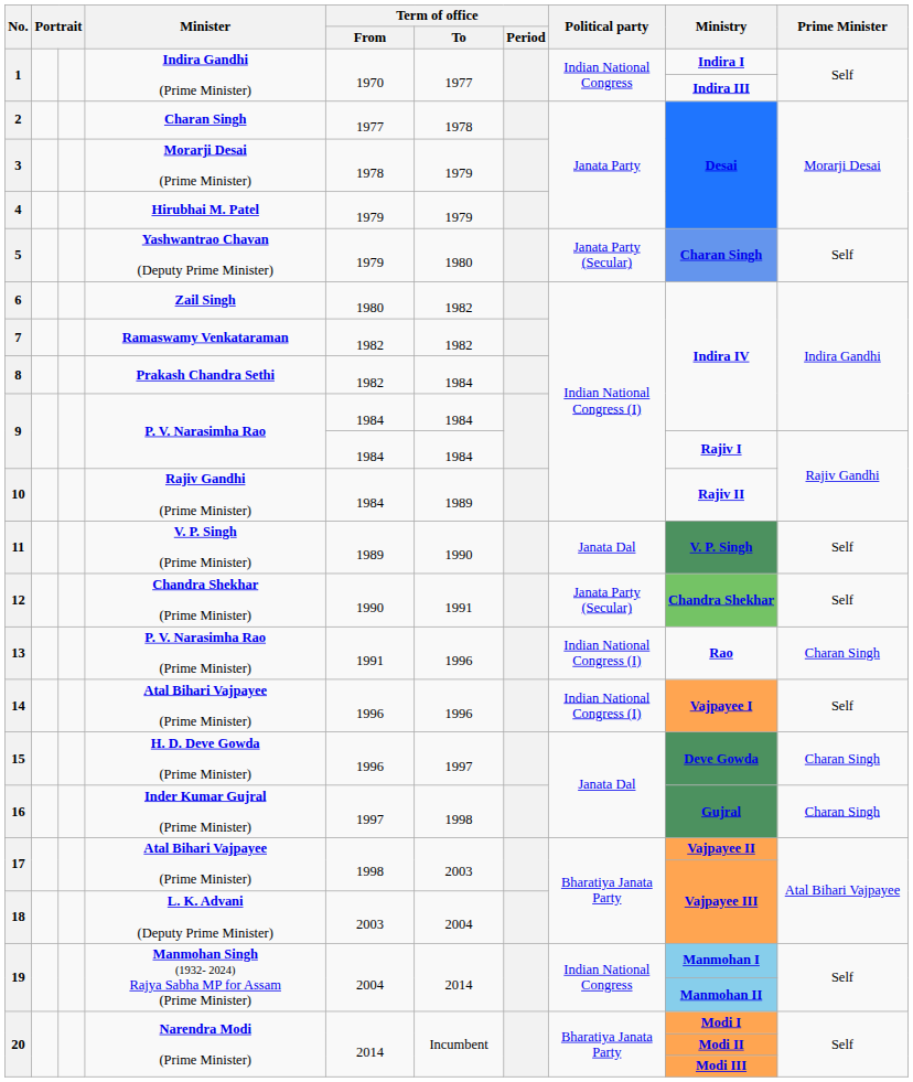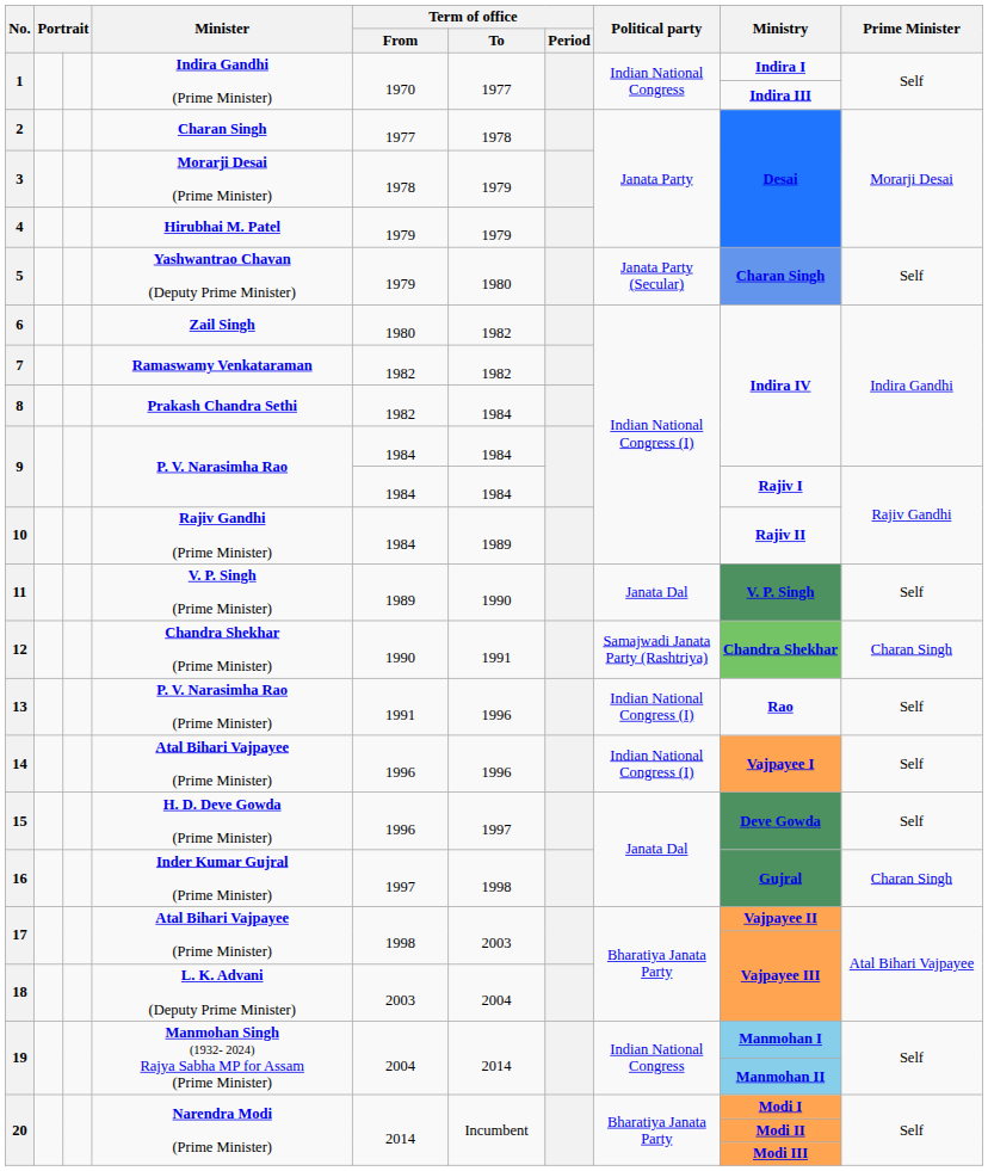 <table class="wikitable" style="text-align:center">
 <tr>
 <th rowspan="2">No.</th>
 <th rowspan="2" colspan="2">Portrait</th>
 <th rowspan="2" style="width:17em">Minister<br></th>
 <th colspan="3">Term of office</th>
 <th rowspan="2" style="width:8em">Political party</th>
 <th rowspan="2">Ministry</th>
 <th rowspan="2" style="width:9em">Prime Minister</th>
 </tr>
 <tr>
 <th style="width:6em">From</th>
 <th style="width:6em">To</th>
 <th>Period</th>
 </tr>
 <tr>
 <th rowspan="2">1</th>
 <td rowspan="2"></td>
 <td rowspan="2"></td>
 <td rowspan="2"><strong><a href='#'>Indira Gandhi</a></strong><br><br>(Prime Minister)</td>
 <td rowspan="2"><br>1970</td>
 <td rowspan="2"><br>1977</td>
 <th rowspan="2"></th>
 <td rowspan="2"><a href='#'>Indian National Congress</a></td>
 <td><strong><a href='#'>Indira I</a></strong></td>
 <td rowspan="2">Self</td>
 </tr>
 <tr>
 <td><strong><a href='#'>Indira III</a></strong></td>
 </tr>
 <tr>
 <th>2</th>
 <td></td>
 <td></td>
 <td><strong><a href='#'>Charan Singh</a></strong><br></td>
 <td><br>1977</td>
 <td><br>1978</td>
 <th></th>
 <td rowspan="3"><a href='#'>Janata Party</a></td>
 <td rowspan="3" bgcolor="#1F75FE"><strong><a href='#'>Desai</a></strong></td>
 <td rowspan="3"><a href='#'>Morarji Desai</a></td>
 </tr>
 <tr>
 <th>3</th>
 <td></td>
 <td></td>
 <td><strong><a href='#'>Morarji Desai</a></strong><br><br>(Prime Minister)</td>
 <td><br>1978</td>
 <td><br>1979</td>
 <th></th>
 </tr>
 <tr>
 <th>4</th>
 <td></td>
 <td></td>
 <td><strong><a href='#'>Hirubhai M. Patel</a></strong><br></td>
 <td><br>1979</td>
 <td><br>1979</td>
 <th></th>
 </tr>
 <tr>
 <th>5</th>
 <td></td>
 <td></td>
 <td><strong><a href='#'>Yashwantrao Chavan</a></strong><br><br>(Deputy Prime Minister)</td>
 <td><br>1979</td>
 <td><br>1980</td>
 <th></th>
 <td><a href='#'>Janata Party (Secular)</a></td>
 <td bgcolor="#6495ED"><strong><a href='#'>Charan Singh</a></strong></td>
 <td>Self</td>
 </tr>
 <tr>
 <th>6</th>
 <td></td>
 <td></td>
 <td><strong><a href='#'>Zail Singh</a></strong><br></td>
 <td><br>1980</td>
 <td><br>1982</td>
 <th></th>
 <td rowspan="6"><a href='#'>Indian National Congress (I)</a></td>
 <td rowspan="4"><strong><a href='#'>Indira IV</a></strong></td>
 <td rowspan="4"><a href='#'>Indira Gandhi</a></td>
 </tr>
 <tr>
 <th>7</th>
 <td></td>
 <td></td>
 <td><strong><a href='#'>Ramaswamy Venkataraman</a></strong><br></td>
 <td><br>1982</td>
 <td><br>1982</td>
 <th></th>
 </tr>
 <tr>
 <th>8</th>
 <td></td>
 <td></td>
 <td><strong><a href='#'>Prakash Chandra Sethi</a></strong><br></td>
 <td><br>1982</td>
 <td><br>1984</td>
 <th></th>
 </tr>
 <tr>
 <th rowspan="2">9</th>
 <td rowspan="2"></td>
 <td rowspan="2"></td>
 <td rowspan="2"><strong><a href='#'>P. V. Narasimha Rao</a></strong><br></td>
 <td><br>1984</td>
 <td><br>1984</td>
 <th rowspan="2"></th>
 </tr>
 <tr>
 <td><br>1984</td>
 <td><br>1984</td>
 <td><strong><a href='#'>Rajiv I</a></strong></td>
 <td rowspan="2"><a href='#'>Rajiv Gandhi</a></td>
 </tr>
 <tr>
 <th>10</th>
 <td></td>
 <td></td>
 <td><strong><a href='#'>Rajiv Gandhi</a></strong><br><br>(Prime Minister)</td>
 <td><br>1984</td>
 <td><br>1989</td>
 <th></th>
 <td><strong><a href='#'>Rajiv II</a></strong></td>
 </tr>
 <tr>
 <th>11</th>
 <td></td>
 <td></td>
 <td><strong><a href='#'>V. P. Singh</a></strong><br><br>(Prime Minister)</td>
 <td><br>1989</td>
 <td><br>1990</td>
 <th></th>
 <td><a href='#'>Janata Dal</a></td>
 <td style="background:#4C915F"><strong><a href='#'>V. P. Singh</a></strong></td>
 <td>Self</td>
 </tr>
 <tr>
 <th>12</th>
 <td></td>
 <td></td>
 <td><strong><a href='#'>Chandra Shekhar</a></strong><br><br>(Prime Minister)</td>
 <td><br>1990</td>
 <td><br>1991</td>
 <th></th>
-<td><a href='#'>Janata Party (Secular)</a></td>
+<td><a href='#'>Samajwadi Janata Party (Rashtriya)</a></td>
 <td style="background:#74C365"><strong><a href='#'>Chandra Shekhar</a></strong></td>
-<td>Self</td>
+<td><a href='#'>Charan Singh</a></td>
 </tr>
 <tr>
 <th>13</th>
 <td></td>
 <td></td>
 <td><strong><a href='#'>P. V. Narasimha Rao</a></strong><br><br>(Prime Minister)</td>
 <td><br>1991</td>
 <td><br>1996</td>
 <th></th>
 <td><a href='#'>Indian National Congress (I)</a></td>
 <td><a href='#'><strong>Rao</strong></a></td>
-<td><a href='#'>Charan Singh</a></td>
+<td>Self</td>
 </tr>
 <tr>
 <th>14</th>
 <td></td>
 <td></td>
 <td><strong><a href='#'>Atal Bihari Vajpayee</a></strong><br><br>(Prime Minister)</td>
 <td><br>1996</td>
 <td><br>1996</td>
 <th></th>
 <td><a href='#'>Indian National Congress (I)</a></td>
 <td style="background:#FFA551;"><strong><a href='#'>Vajpayee I</a></strong></td>
 <td>Self</td>
 </tr>
 <tr>
 <th>15</th>
 <td></td>
 <td></td>
 <td><strong><a href='#'>H. D. Deve Gowda</a></strong><br><br>(Prime Minister)</td>
 <td><br>1996</td>
 <td><br>1997</td>
 <th></th>
 <td rowspan="2"><a href='#'>Janata Dal</a></td>
 <td style="background:#4C915F"><strong><a href='#'>Deve Gowda</a></strong></td>
-<td><a href='#'>Charan Singh</a></td>
+<td>Self</td>
 </tr>
 <tr>
 <th>16</th>
 <td></td>
 <td></td>
 <td><strong><a href='#'>Inder Kumar Gujral</a></strong><br><br>(Prime Minister)</td>
 <td><br>1997</td>
 <td><br>1998</td>
 <th></th>
 <td style="background:#4C915F"><strong><a href='#'>Gujral</a></strong></td>
 <td><a href='#'>Charan Singh</a></td>
 </tr>
 <tr>
 <th rowspan="2">17</th>
 <td rowspan="2"></td>
 <td rowspan="2"></td>
 <td rowspan="2"><strong><a href='#'>Atal Bihari Vajpayee</a></strong><br><br>(Prime Minister)</td>
 <td rowspan="2"><br>1998</td>
 <td rowspan="2"><br>2003</td>
 <th rowspan="2"></th>
 <td rowspan="3"><a href='#'>Bharatiya Janata Party</a></td>
 <td style="background:#FFA551;"><strong><a href='#'>Vajpayee II</a></strong></td>
 <td rowspan="3"><a href='#'>Atal Bihari Vajpayee</a></td>
 </tr>
 <tr>
 <td rowspan="2" style="background:#FFA551;"><strong><a href='#'>Vajpayee III</a></strong></td>
 </tr>
 <tr>
 <th>18</th>
 <td></td>
 <td></td>
 <td><strong><a href='#'>L. K. Advani</a></strong><br><br>(Deputy Prime Minister)</td>
 <td><br>2003</td>
 <td><br>2004</td>
 <th></th>
 </tr>
 <tr>
 <th rowspan="2">19</th>
 <td rowspan="2"></td>
 <td rowspan="2"></td>
 <td rowspan="2"><strong><a href='#'>Manmohan Singh</a></strong><br><small>(1932- 2024)</small><br><a href='#'>Rajya Sabha MP for Assam</a><br>(Prime Minister)</td>
 <td rowspan="2"><br>2004</td>
 <td rowspan="2"><br>2014</td>
 <th rowspan="2"></th>
 <td rowspan="2"><a href='#'>Indian National Congress</a></td>
 <td bgcolor="#87CEEB"><a href='#'><strong>Manmohan I</strong></a></td>
 <td rowspan="2">Self</td>
 </tr>
 <tr>
 <td bgcolor="#87CEEB"><a href='#'><strong>Manmohan II</strong></a></td>
 </tr>
 <tr>
 <th rowspan="3">20</th>
 <td rowspan="3"></td>
 <td rowspan="3"></td>
 <td rowspan="3"><strong><a href='#'>Narendra Modi</a></strong><br><br>(Prime Minister)</td>
 <td rowspan="3"><br>2014</td>
 <td rowspan="3">Incumbent</td>
 <th rowspan="3"></th>
 <td rowspan="3"><a href='#'>Bharatiya Janata Party</a></td>
 <td style="background:#FFA551;"><strong><a href='#'>Modi I</a></strong></td>
 <td rowspan="3">Self</td>
 </tr>
 <tr>
 <td style="background:#FFA551;"><strong><a href='#'>Modi II</a></strong></td>
 </tr>
 <tr>
 <td style="background:#FFA551;"><strong><a href='#'>Modi III</a></strong></td>
 </tr>
 </table>
